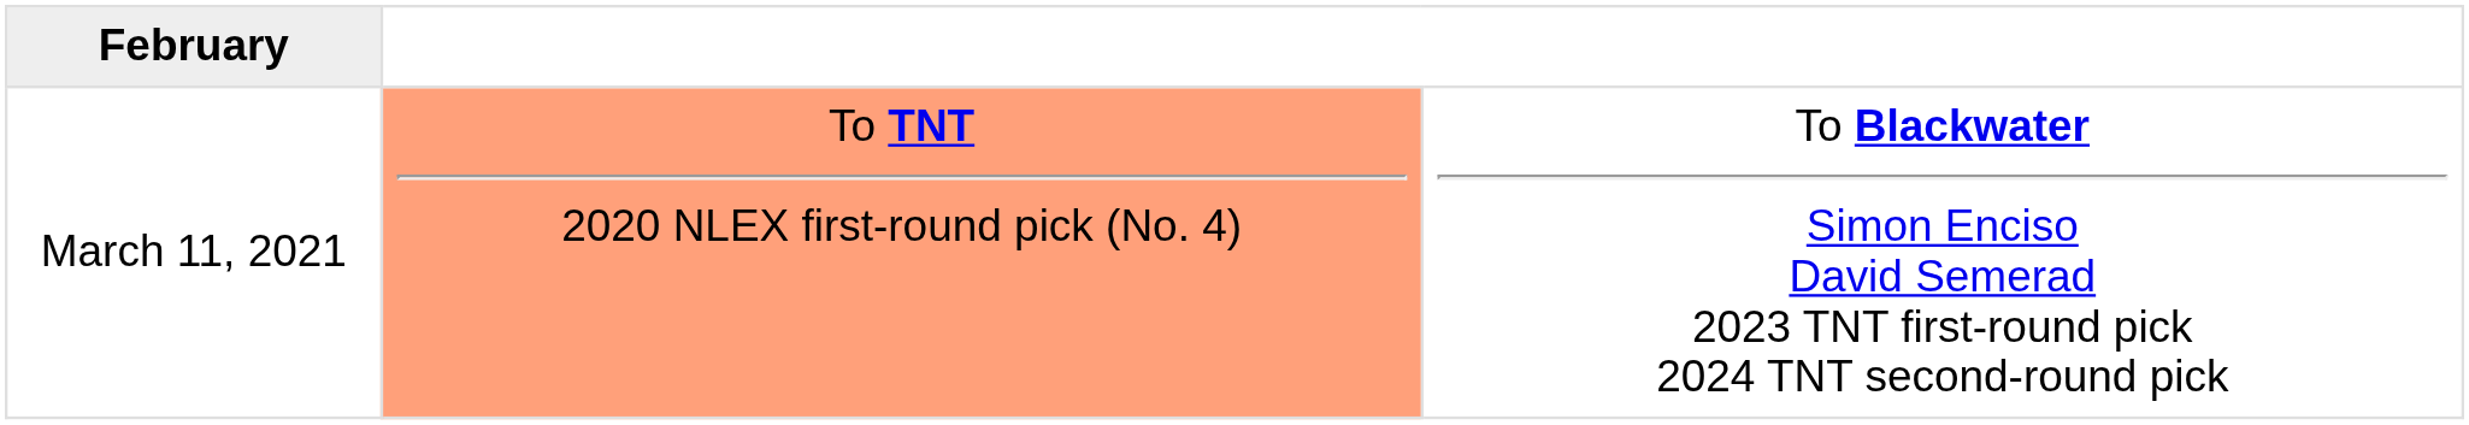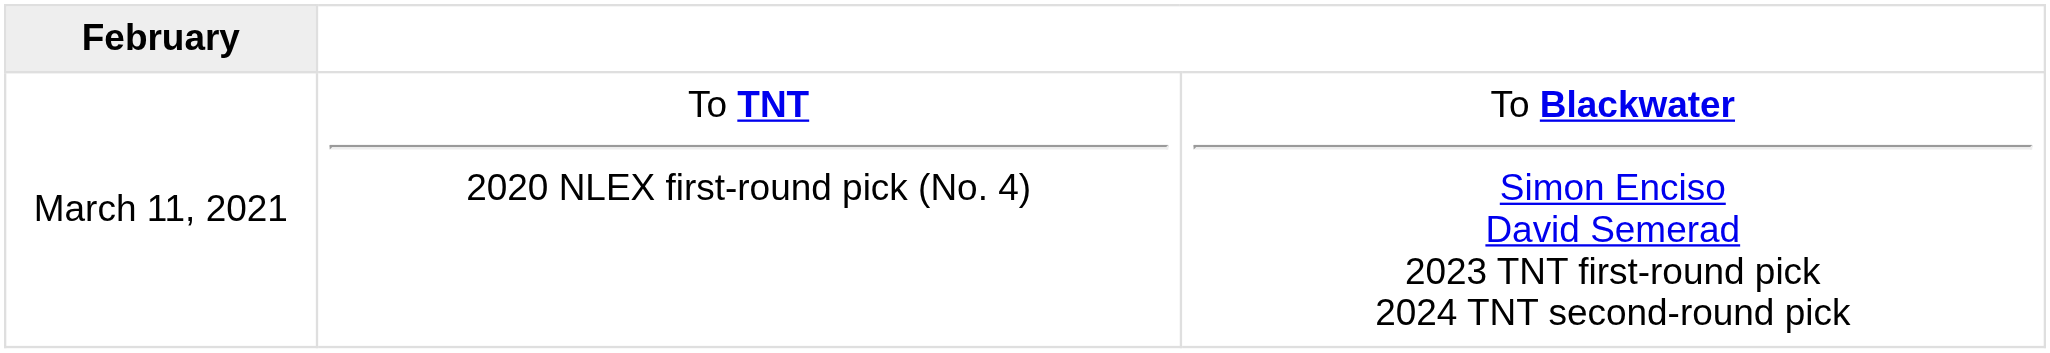 <table border=1 style="border-collapse:collapse; text-align: center; width: 100%" bordercolor="#DFDFDF"  cellpadding="5">
 <tr bgcolor="eeeeee">
 <th>February</th>
 </tr>
 <tr>
 <td style="width:12%">March 11, 2021</td>
-<td style="background: lightsalmon; width:33.3%" valign="top">To <strong><a href='#'>TNT</a></strong><hr>2020 NLEX first-round pick (No. 4)</td>
+<td style="width:33.3%" valign="top">To <strong><a href='#'>TNT</a></strong><hr>2020 NLEX first-round pick (No. 4)</td>
 <td style="width:33.3%" valign="top">To <strong><a href='#'>Blackwater</a></strong><hr><a href='#'>Simon Enciso</a><br><a href='#'>David Semerad</a><br>2023 TNT first-round pick<br>2024 TNT second-round pick</td>
 </tr>
 </table>
